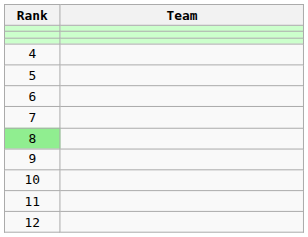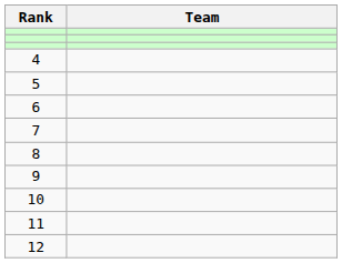 <table class="wikitable" style="text-align: center;">
 <tr>
 <th width="50">Rank</th>
 <th width="240">Team</th>
 </tr>
 <tr bgcolor="ccffcc">
 <td></td>
 <td align="left"></td>
 </tr>
 <tr bgcolor="ccffcc">
 <td></td>
 <td align="left"></td>
 </tr>
 <tr bgcolor="ccffcc">
 <td></td>
 <td align="left"></td>
 </tr>
 <tr>
 <td>4</td>
 <td align="left"></td>
 </tr>
 <tr>
 <td>5</td>
 <td align="left"></td>
 </tr>
 <tr>
 <td>6</td>
 <td align="left"></td>
 </tr>
 <tr>
 <td>7</td>
 <td align="left"></td>
 </tr>
 <tr>
-<td style="background: lightgreen;">8</td>
+<td>8</td>
 <td align="left"></td>
 </tr>
 <tr>
 <td>9</td>
 <td align="left"></td>
 </tr>
 <tr>
 <td>10</td>
 <td align="left"></td>
 </tr>
 <tr>
 <td>11</td>
 <td align="left"></td>
 </tr>
 <tr>
 <td>12</td>
 <td align="left"></td>
 </tr>
 </table>
